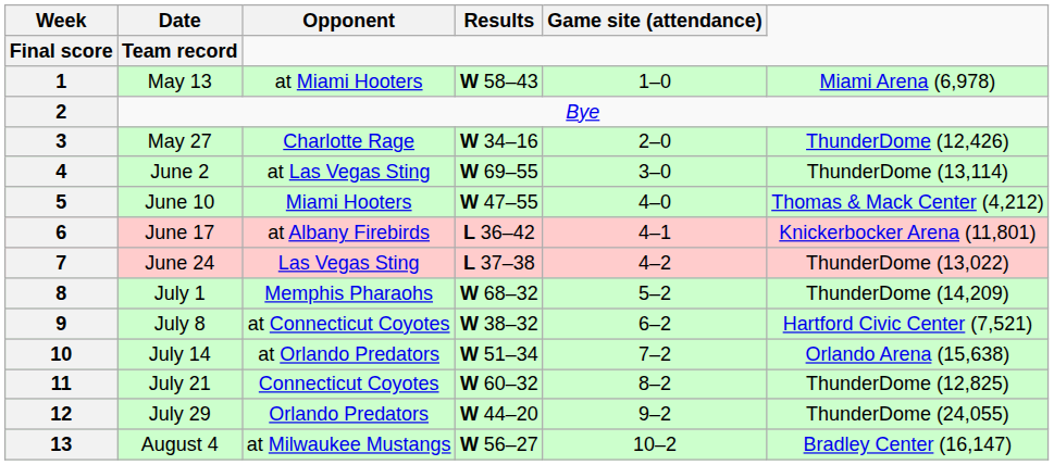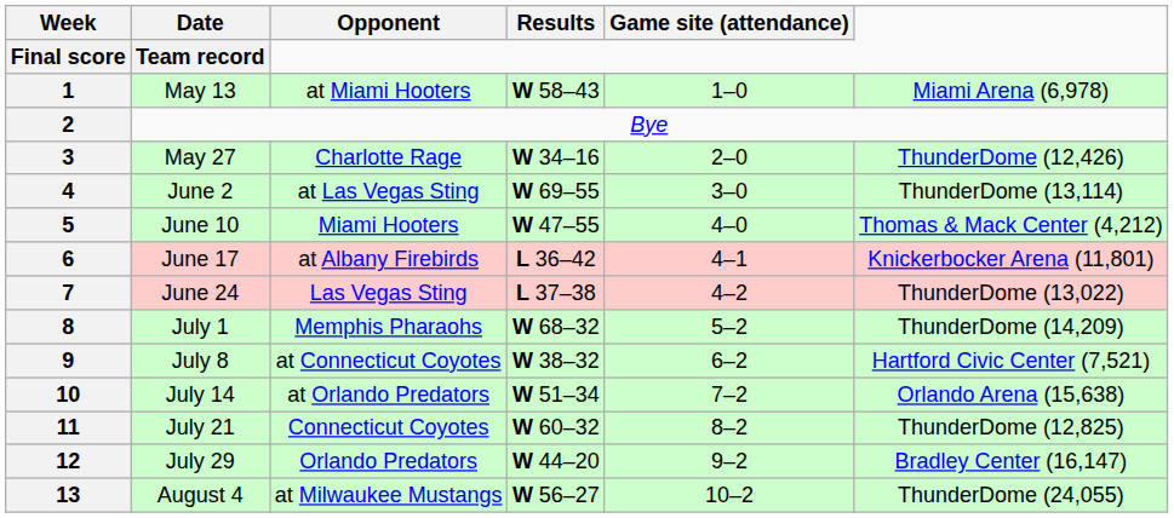 <table class="wikitable" style="font-size: 92%;" "align=center">
 <tr>
 <th>Week</th>
 <th>Date</th>
 <th>Opponent</th>
 <th>Results</th>
 <th>Game site (attendance)</th>
 </tr>
 <tr>
 <th>Final score</th>
 <th>Team record</th>
 </tr>
 <tr style="background:#cfc">
 <th>1</th>
 <td style="text-align:center;">May 13</td>
 <td style="text-align:center;">at <a href='#'>Miami Hooters</a></td>
 <td style="text-align:center;"><strong>W</strong> 58–43</td>
 <td style="text-align:center;">1–0</td>
 <td style="text-align:center;"><a href='#'>Miami Arena</a> (6,978)</td>
 </tr>
 <tr style=>
 <th>2</th>
 <td colspan="8" style="text-align:center;"><em><a href='#'>Bye</a></em></td>
 </tr>
 <tr style="background:#cfc">
 <th>3</th>
 <td style="text-align:center;">May 27</td>
 <td style="text-align:center;"><a href='#'>Charlotte Rage</a></td>
 <td style="text-align:center;"><strong>W</strong> 34–16</td>
 <td style="text-align:center;">2–0</td>
 <td style="text-align:center;"><a href='#'>ThunderDome</a> (12,426)</td>
 </tr>
 <tr style="background:#cfc">
 <th>4</th>
 <td style="text-align:center;">June 2</td>
 <td style="text-align:center;">at <a href='#'>Las Vegas Sting</a></td>
 <td style="text-align:center;"><strong>W</strong> 69–55</td>
 <td style="text-align:center;">3–0</td>
 <td style="text-align:center;">ThunderDome (13,114)</td>
 </tr>
 <tr style="background:#cfc">
 <th>5</th>
 <td style="text-align:center;">June 10</td>
 <td style="text-align:center;"><a href='#'>Miami Hooters</a></td>
 <td style="text-align:center;"><strong>W</strong> 47–55</td>
 <td style="text-align:center;">4–0</td>
 <td style="text-align:center;"><a href='#'>Thomas & Mack Center</a> (4,212)</td>
 </tr>
 <tr style="background:#fcc">
 <th>6</th>
 <td style="text-align:center;">June 17</td>
 <td style="text-align:center;">at <a href='#'>Albany Firebirds</a></td>
 <td style="text-align:center;"><strong>L</strong> 36–42</td>
 <td style="text-align:center;">4–1</td>
 <td style="text-align:center;"><a href='#'>Knickerbocker Arena</a> (11,801)</td>
 </tr>
 <tr style="background:#fcc">
 <th>7</th>
 <td style="text-align:center;">June 24</td>
 <td style="text-align:center;"><a href='#'>Las Vegas Sting</a></td>
 <td style="text-align:center;"><strong>L</strong> 37–38</td>
 <td style="text-align:center;">4–2</td>
 <td style="text-align:center;">ThunderDome (13,022)</td>
 </tr>
 <tr style="background:#cfc">
 <th>8</th>
 <td style="text-align:center;">July 1</td>
 <td style="text-align:center;"><a href='#'>Memphis Pharaohs</a></td>
 <td style="text-align:center;"><strong>W</strong> 68–32</td>
 <td style="text-align:center;">5–2</td>
 <td style="text-align:center;">ThunderDome (14,209)</td>
 </tr>
 <tr style="background:#cfc">
 <th>9</th>
 <td style="text-align:center;">July 8</td>
 <td style="text-align:center;">at <a href='#'>Connecticut Coyotes</a></td>
 <td style="text-align:center;"><strong>W</strong> 38–32</td>
 <td style="text-align:center;">6–2</td>
 <td style="text-align:center;"><a href='#'>Hartford Civic Center</a> (7,521)</td>
 </tr>
 <tr style="background:#cfc">
 <th>10</th>
 <td style="text-align:center;">July 14</td>
 <td style="text-align:center;">at <a href='#'>Orlando Predators</a></td>
 <td style="text-align:center;"><strong>W</strong> 51–34</td>
 <td style="text-align:center;">7–2</td>
 <td style="text-align:center;"><a href='#'>Orlando Arena</a> (15,638)</td>
 </tr>
 <tr style="background:#cfc">
 <th>11</th>
 <td style="text-align:center;">July 21</td>
 <td style="text-align:center;"><a href='#'>Connecticut Coyotes</a></td>
 <td style="text-align:center;"><strong>W</strong> 60–32</td>
 <td style="text-align:center;">8–2</td>
 <td style="text-align:center;">ThunderDome (12,825)</td>
 </tr>
 <tr style="background:#cfc">
 <th>12</th>
 <td style="text-align:center;">July 29</td>
 <td style="text-align:center;"><a href='#'>Orlando Predators</a></td>
 <td style="text-align:center;"><strong>W</strong> 44–20</td>
 <td style="text-align:center;">9–2</td>
-<td style="text-align:center;">ThunderDome (24,055)</td>
+<td style="text-align:center;"><a href='#'>Bradley Center</a> (16,147)</td>
 </tr>
 <tr style="background:#cfc">
 <th>13</th>
 <td style="text-align:center;">August 4</td>
 <td style="text-align:center;">at <a href='#'>Milwaukee Mustangs</a></td>
 <td style="text-align:center;"><strong>W</strong> 56–27</td>
 <td style="text-align:center;">10–2</td>
-<td style="text-align:center;"><a href='#'>Bradley Center</a> (16,147)</td>
+<td style="text-align:center;">ThunderDome (24,055)</td>
 </tr>
 </table>
